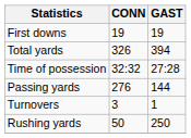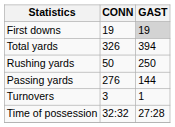 <table class="wikitable" style="float: left;">
 <tr>
 <th>Statistics</th>
 <th>CONN</th>
 <th>GAST</th>
 </tr>
 <tr>
 <td>First downs</td>
 <td>19</td>
-<td>19</td>
+<td style="background: lightgrey;">19</td>
 </tr>
 <tr>
 <td>Total yards</td>
 <td>326</td>
 <td>394</td>
 </tr>
 <tr>
-<td>Time of possession</td>
-<td>32:32</td>
-<td>27:28</td>
+<td>Rushing yards</td>
+<td>50</td>
+<td>250</td>
 </tr>
 <tr>
 <td>Passing yards</td>
 <td>276</td>
 <td>144</td>
 </tr>
 <tr>
 <td>Turnovers</td>
 <td>3</td>
 <td>1</td>
 </tr>
 <tr>
-<td>Rushing yards</td>
-<td>50</td>
-<td>250</td>
+<td>Time of possession</td>
+<td>32:32</td>
+<td>27:28</td>
 </tr>
 <tr>
 </tr>
 </table>
